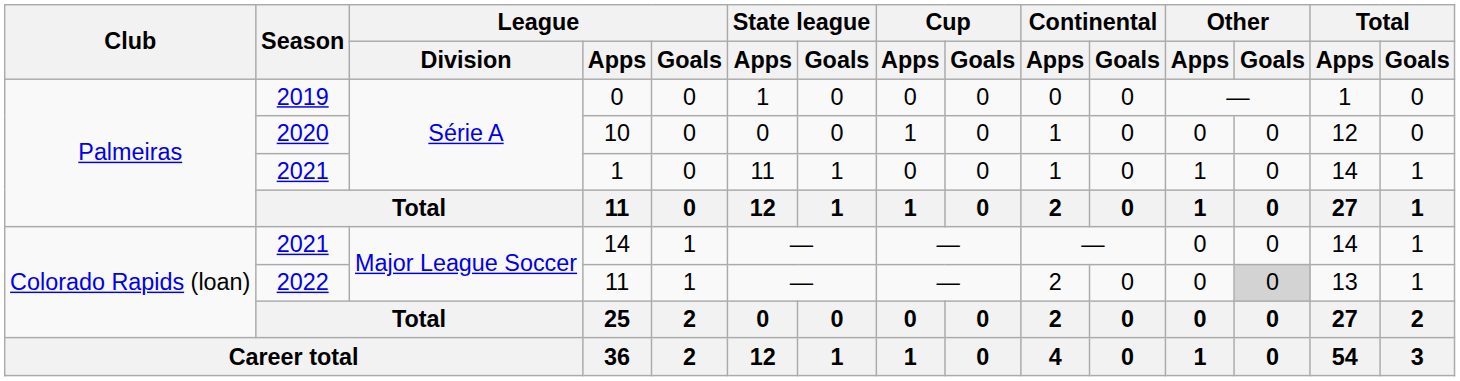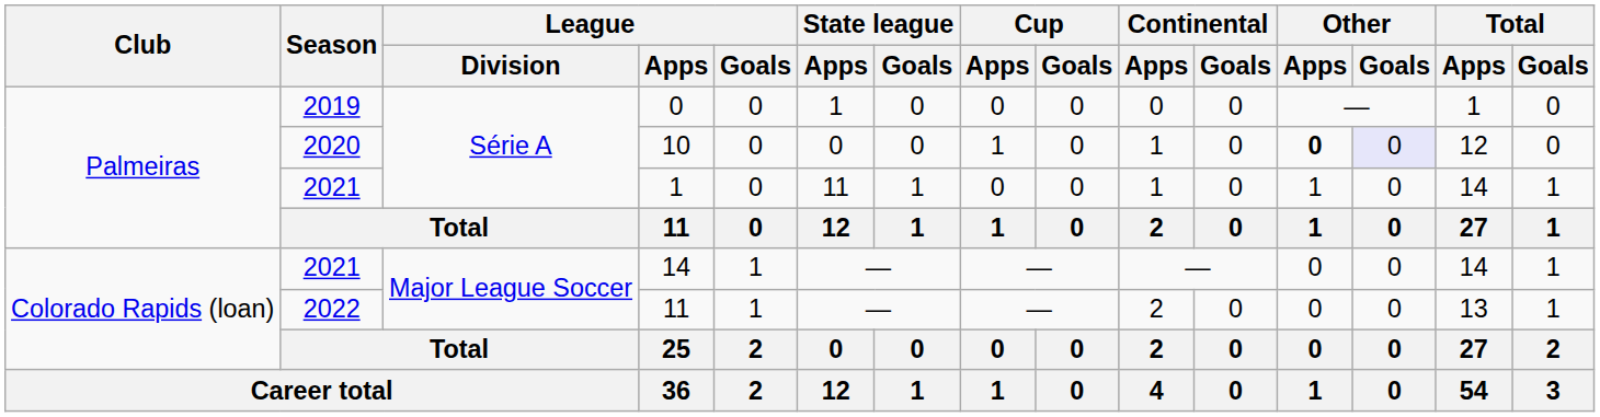 <table class="wikitable" style="text-align: center">
 <tr>
 <th rowspan="2">Club</th>
 <th rowspan="2">Season</th>
 <th colspan="3">League</th>
 <th colspan="2">State league</th>
 <th colspan="2">Cup</th>
 <th colspan="2">Continental</th>
 <th colspan="2">Other</th>
 <th colspan="2">Total</th>
 </tr>
 <tr>
 <th>Division</th>
 <th>Apps</th>
 <th>Goals</th>
 <th>Apps</th>
 <th>Goals</th>
 <th>Apps</th>
 <th>Goals</th>
 <th>Apps</th>
 <th>Goals</th>
 <th>Apps</th>
 <th>Goals</th>
 <th>Apps</th>
 <th>Goals</th>
 </tr>
 <tr>
 <td rowspan=4><a href='#'>Palmeiras</a></td>
 <td><a href='#'>2019</a></td>
 <td rowspan=3><a href='#'>Série A</a></td>
 <td>0</td>
 <td>0</td>
 <td>1</td>
 <td>0</td>
 <td>0</td>
 <td>0</td>
 <td>0</td>
 <td>0</td>
 <td colspan=2>—</td>
 <td>1</td>
 <td>0</td>
 </tr>
 <tr>
 <td><a href='#'>2020</a></td>
 <td>10</td>
 <td>0</td>
 <td>0</td>
 <td>0</td>
 <td>1</td>
 <td>0</td>
 <td>1</td>
 <td>0</td>
-<td>0</td>
-<td>0</td>
+<td><strong>0</strong></td>
+<td style="background: lavender;">0</td>
 <td>12</td>
 <td>0</td>
 </tr>
 <tr>
 <td><a href='#'>2021</a></td>
 <td>1</td>
 <td>0</td>
 <td>11</td>
 <td>1</td>
 <td>0</td>
 <td>0</td>
 <td>1</td>
 <td>0</td>
 <td>1</td>
 <td>0</td>
 <td>14</td>
 <td>1</td>
 </tr>
 <tr>
 <th colspan=2>Total</th>
 <th>11</th>
 <th>0</th>
 <th>12</th>
 <th>1</th>
 <th>1</th>
 <th>0</th>
 <th>2</th>
 <th>0</th>
 <th>1</th>
 <th>0</th>
 <th>27</th>
 <th>1</th>
 </tr>
 <tr>
 <td rowspan=3><a href='#'>Colorado Rapids</a> (loan)</td>
 <td><a href='#'>2021</a></td>
 <td rowspan=2><a href='#'>Major League Soccer</a></td>
 <td>14</td>
 <td>1</td>
 <td colspan=2>—</td>
 <td colspan=2>—</td>
 <td colspan=2>—</td>
 <td>0</td>
 <td>0</td>
 <td>14</td>
 <td>1</td>
 </tr>
 <tr>
 <td><a href='#'>2022</a></td>
 <td>11</td>
 <td>1</td>
 <td colspan=2>—</td>
 <td colspan=2>—</td>
 <td>2</td>
 <td>0</td>
 <td>0</td>
-<td style="background: lightgrey;">0</td>
+<td>0</td>
 <td>13</td>
 <td>1</td>
 </tr>
 <tr>
 <th colspan=2>Total</th>
 <th>25</th>
 <th>2</th>
 <th>0</th>
 <th>0</th>
 <th>0</th>
 <th>0</th>
 <th>2</th>
 <th>0</th>
 <th>0</th>
 <th>0</th>
 <th>27</th>
 <th>2</th>
 </tr>
 <tr>
 <th colspan="3"><strong>Career total</strong></th>
 <th>36</th>
 <th>2</th>
 <th>12</th>
 <th>1</th>
 <th>1</th>
 <th>0</th>
 <th>4</th>
 <th>0</th>
 <th>1</th>
 <th>0</th>
 <th>54</th>
 <th>3</th>
 </tr>
 </table>
